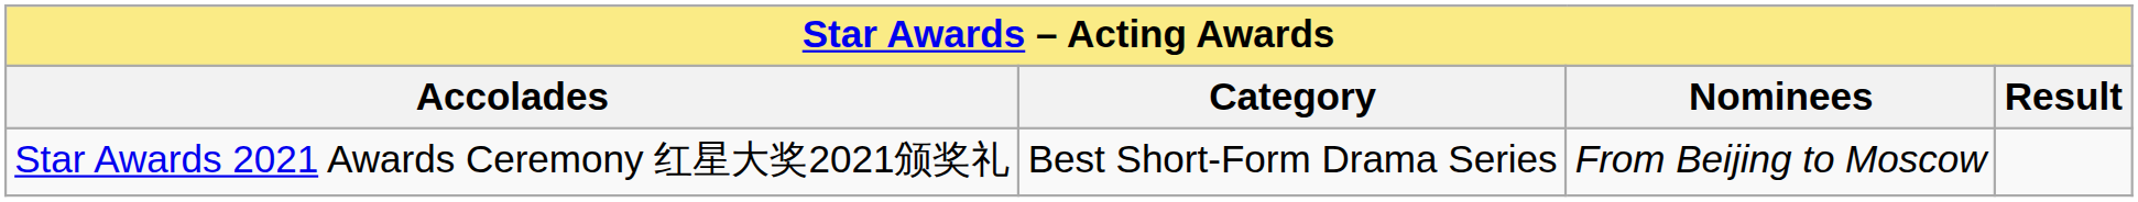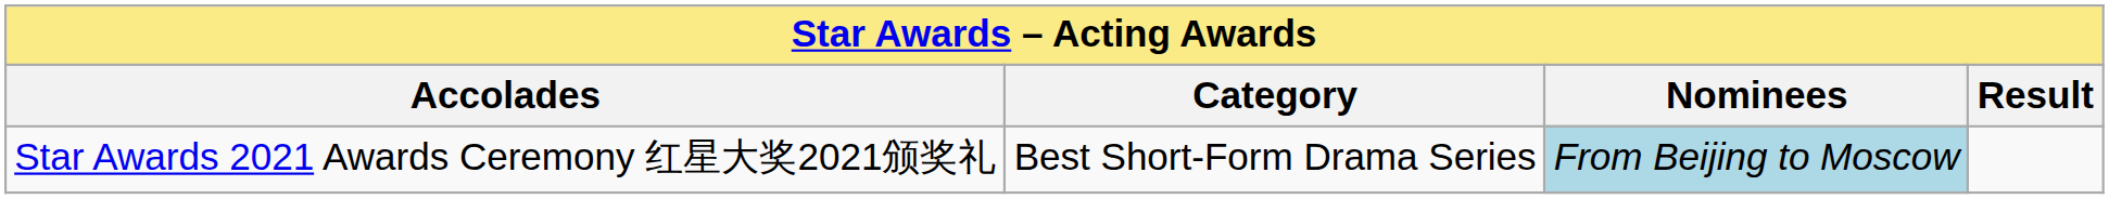 <table class="wikitable sortable">
 <tr>
 <th colspan="4" - style="background:#FAEB86;" align="center"><a href='#'>Star Awards</a> – Acting Awards</th>
 </tr>
 <tr>
 <th>Accolades</th>
 <th>Category</th>
 <th>Nominees</th>
 <th>Result</th>
 </tr>
 <tr>
 <td><a href='#'>Star Awards 2021</a> Awards Ceremony 红星大奖2021颁奖礼</td>
 <td>Best Short-Form Drama Series</td>
-<td><em>From Beijing to Moscow</em></td>
+<td style="background: lightblue;"><em>From Beijing to Moscow</em></td>
 <td></td>
 </tr>
 </table>
